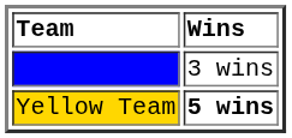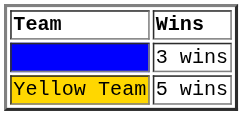 <table border="2">
 <tr>
 <td><strong>Team</strong></td>
 <td><strong>Wins</strong></td>
 </tr>
 <tr>
 <td bgcolor="blue"></td>
 <td>3 wins</td>
 </tr>
 <tr>
 <td bgcolor="gold">Yellow Team</td>
-<td><strong>5 wins</strong></td>
+<td>5 wins</td>
 </tr>
 </table>
